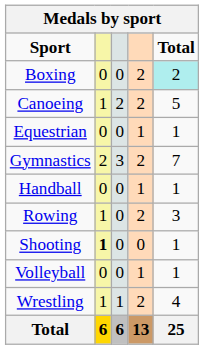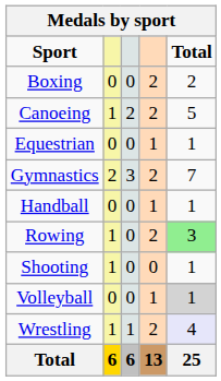 <table class="wikitable" style="font-size:85%; float: right;">
 <tr style="background:#efefef;">
 <th colspan=5><strong>Medals by sport</strong></th>
 </tr>
 <tr align=center>
 <td><strong>Sport</strong></td>
 <td bgcolor=#f7f6a8></td>
 <td bgcolor=#dce5e5></td>
 <td bgcolor=#ffdab9></td>
 <td><strong>Total</strong></td>
 </tr>
 <tr align=center>
 <td><a href='#'>Boxing</a></td>
 <td style="background:#F7F6A8;">0</td>
 <td style="background:#DCE5E5;">0</td>
 <td style="background:#FFDAB9;">2</td>
-<td style="background: paleturquoise;">2</td>
+<td>2</td>
 </tr>
 <tr align=center>
 <td><a href='#'>Canoeing</a></td>
 <td style="background:#F7F6A8;">1</td>
 <td style="background:#DCE5E5;">2</td>
 <td style="background:#FFDAB9;">2</td>
 <td>5</td>
 </tr>
 <tr align=center>
 <td><a href='#'>Equestrian</a></td>
 <td style="background:#F7F6A8;">0</td>
 <td style="background:#DCE5E5;">0</td>
 <td style="background:#FFDAB9;">1</td>
 <td>1</td>
 </tr>
 <tr align=center>
 <td><a href='#'>Gymnastics</a></td>
 <td style="background:#F7F6A8;">2</td>
 <td style="background:#DCE5E5;">3</td>
 <td style="background:#FFDAB9;">2</td>
 <td>7</td>
 </tr>
 <tr align=center>
 <td><a href='#'>Handball</a></td>
 <td style="background:#F7F6A8;">0</td>
 <td style="background:#DCE5E5;">0</td>
 <td style="background:#FFDAB9;">1</td>
 <td>1</td>
 </tr>
 <tr align=center>
 <td><a href='#'>Rowing</a></td>
 <td style="background:#F7F6A8;">1</td>
 <td style="background:#DCE5E5;">0</td>
 <td style="background:#FFDAB9;">2</td>
-<td>3</td>
+<td style="background: lightgreen;">3</td>
 </tr>
 <tr align=center>
 <td><a href='#'>Shooting</a></td>
-<td style="background:#F7F6A8;"><strong>1</strong></td>
+<td style="background:#F7F6A8;">1</td>
 <td style="background:#DCE5E5;">0</td>
 <td style="background:#FFDAB9;">0</td>
 <td>1</td>
 </tr>
 <tr align=center>
 <td><a href='#'>Volleyball</a></td>
 <td style="background:#F7F6A8;">0</td>
 <td style="background:#DCE5E5;">0</td>
 <td style="background:#FFDAB9;">1</td>
-<td>1</td>
+<td style="background: lightgrey;">1</td>
 </tr>
 <tr align=center>
 <td><a href='#'>Wrestling</a></td>
 <td style="background:#F7F6A8;">1</td>
 <td style="background:#DCE5E5;">1</td>
 <td style="background:#FFDAB9;">2</td>
-<td>4</td>
+<td style="background: lavender;">4</td>
 </tr>
 <tr align=center>
 <th><strong>Total</strong></th>
 <th style="background:gold;"><strong>6</strong></th>
 <th style="background:silver;"><strong>6</strong></th>
 <th style="background:#c96;"><strong>13</strong></th>
 <th><strong>25</strong></th>
 </tr>
 </table>
